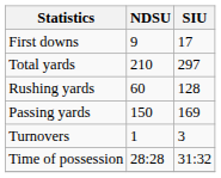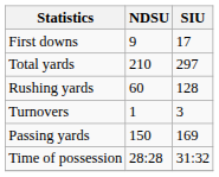 <table class="wikitable" style="float: left;">
 <tr>
 <th>Statistics</th>
 <th>NDSU</th>
 <th>SIU</th>
 </tr>
 <tr>
 <td>First downs</td>
 <td>9</td>
 <td>17</td>
 </tr>
 <tr>
 <td>Total yards</td>
 <td>210</td>
 <td>297</td>
 </tr>
 <tr>
 <td>Rushing yards</td>
 <td>60</td>
 <td>128</td>
 </tr>
 <tr>
+<td>Turnovers</td>
+<td>1</td>
+<td>3</td>
+</tr>
+<tr>
 <td>Passing yards</td>
 <td>150</td>
 <td>169</td>
-</tr>
-<tr>
-<td>Turnovers</td>
-<td>1</td>
-<td>3</td>
 </tr>
 <tr>
 <td>Time of possession</td>
 <td>28:28</td>
 <td>31:32</td>
 </tr>
 <tr>
 </tr>
 </table>
